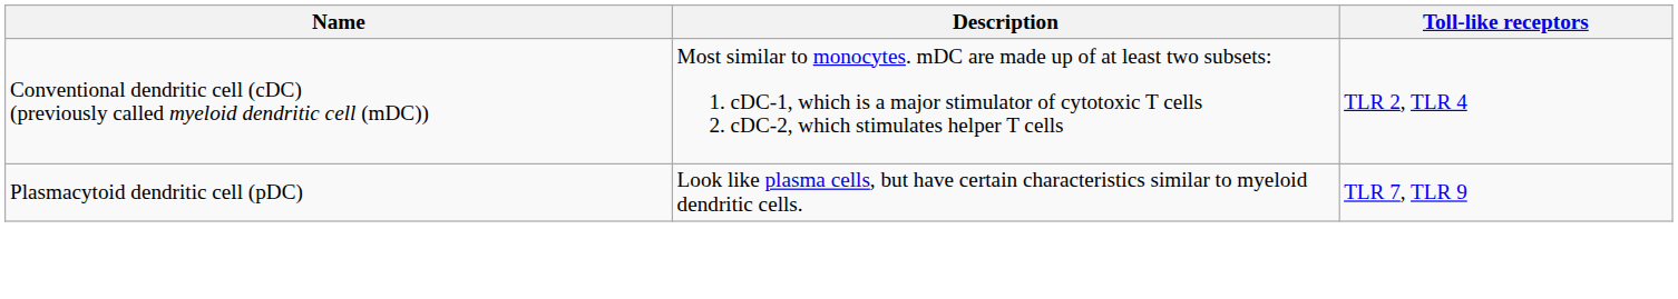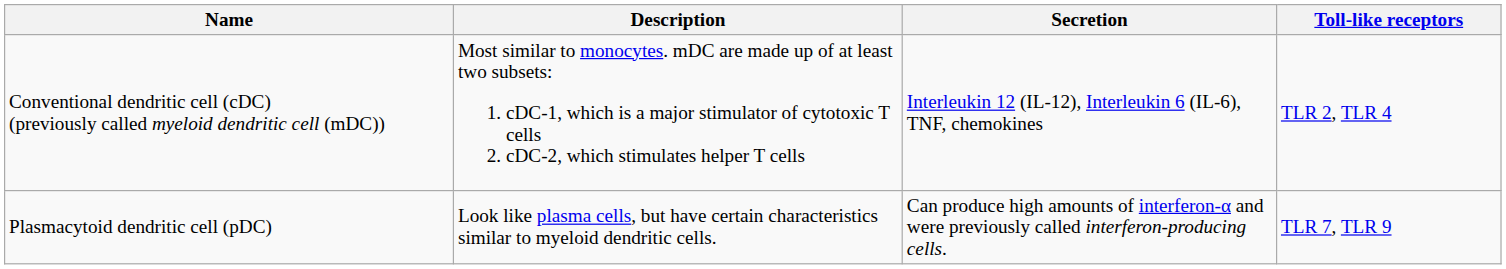 <table class="wikitable">
 <tr>
 <th width=30%>Name</th>
 <th width=30%>Description</th>
+<th width=25%>Secretion</th>
 <th width=15%><a href='#'>Toll-like receptors</a> </th>
 </tr>
 <tr>
 <td>Conventional dendritic cell (cDC)<br>(previously called <em>myeloid dendritic cell</em> (mDC))</td>
 <td>Most similar to <a href='#'>monocytes</a>. mDC are made up of at least two subsets:<br><ol><li>cDC-1, which is a major stimulator of cytotoxic T cells</li><li>cDC-2, which stimulates helper T cells</li></ol></td>
+<td><a href='#'>Interleukin 12</a> (IL-12), <a href='#'>Interleukin 6</a> (IL-6), TNF, chemokines</td>
 <td><a href='#'>TLR 2</a>, <a href='#'>TLR 4</a></td>
 </tr>
 <tr>
 <td>Plasmacytoid dendritic cell (pDC)</td>
 <td>Look like <a href='#'>plasma cells</a>, but have certain characteristics similar to myeloid dendritic cells.</td>
+<td>Can produce high amounts of <a href='#'>interferon-α</a> and were previously called <em>interferon-producing cells</em>.</td>
 <td><a href='#'>TLR 7</a>, <a href='#'>TLR 9</a></td>
 </tr>
 </table>
